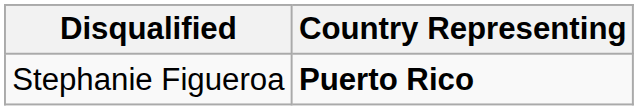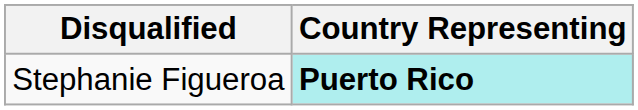 <table class="wikitable">
 <tr>
 <th>Disqualified</th>
 <th>Country Representing</th>
 </tr>
 <tr>
 <td>Stephanie Figueroa</td>
-<td><strong>Puerto Rico</strong></td>
+<td style="background: paleturquoise;"><strong>Puerto Rico</strong></td>
 </tr>
 </table>
